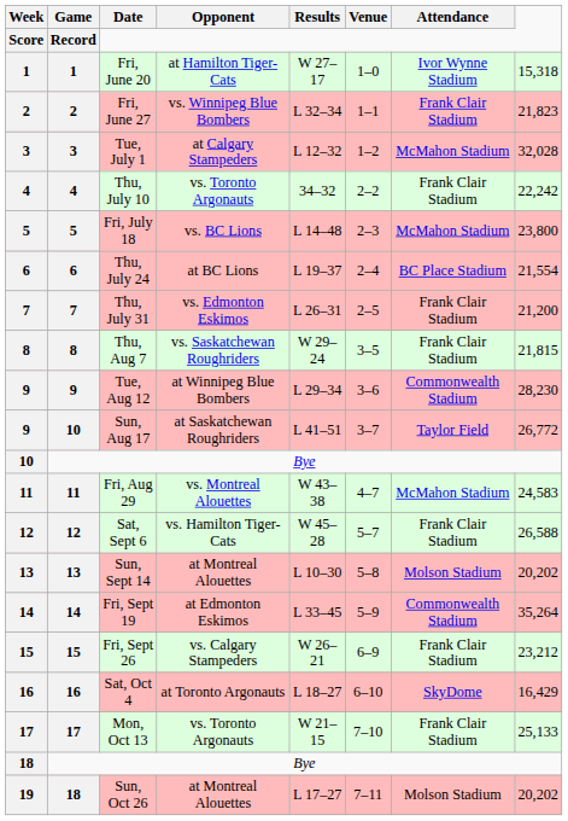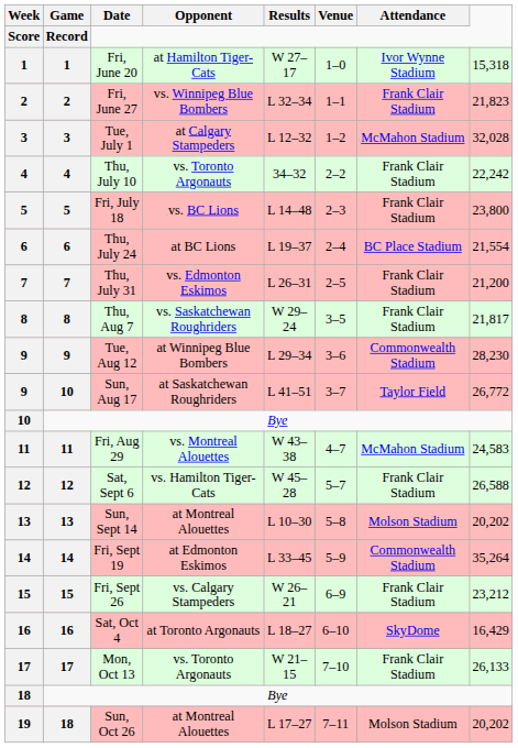 <table class="wikitable" style="text-align:center">
 <tr>
 <th>Week</th>
 <th>Game</th>
 <th>Date</th>
 <th>Opponent</th>
 <th>Results</th>
 <th>Venue</th>
 <th>Attendance</th>
 </tr>
 <tr>
 <th>Score</th>
 <th>Record</th>
 </tr>
 <tr style="background:#ddffdd">
 <th>1</th>
 <th>1</th>
 <td>Fri, June 20</td>
 <td>at <a href='#'>Hamilton Tiger-Cats</a></td>
 <td>W 27–17</td>
 <td>1–0</td>
 <td><a href='#'>Ivor Wynne Stadium</a></td>
 <td>15,318</td>
 </tr>
 <tr style="background:#ffbbbb">
 <th>2</th>
 <th>2</th>
 <td>Fri, June 27</td>
 <td>vs. <a href='#'>Winnipeg Blue Bombers</a></td>
 <td>L 32–34</td>
 <td>1–1</td>
 <td><a href='#'>Frank Clair Stadium</a></td>
 <td>21,823</td>
 </tr>
 <tr style="background:#ffbbbb">
 <th>3</th>
 <th>3</th>
 <td>Tue, July 1</td>
 <td>at <a href='#'>Calgary Stampeders</a></td>
 <td>L 12–32</td>
 <td>1–2</td>
 <td><a href='#'>McMahon Stadium</a></td>
 <td>32,028</td>
 </tr>
 <tr style="background:#ddffdd">
 <th>4</th>
 <th>4</th>
 <td>Thu, July 10</td>
 <td>vs. <a href='#'>Toronto Argonauts</a></td>
 <td>34–32</td>
 <td>2–2</td>
 <td>Frank Clair Stadium</td>
 <td>22,242</td>
 </tr>
 <tr align="center" bgcolor="#ffbbbb">
 <th>5</th>
 <th>5</th>
 <td>Fri, July 18</td>
 <td>vs. <a href='#'>BC Lions</a></td>
 <td>L 14–48</td>
 <td>2–3</td>
-<td><a href='#'>McMahon Stadium</a></td>
+<td>Frank Clair Stadium</td>
 <td>23,800</td>
 </tr>
 <tr style="background:#ffbbbb">
 <th>6</th>
 <th>6</th>
 <td>Thu, July 24</td>
 <td>at BC Lions</td>
 <td>L 19–37</td>
 <td>2–4</td>
 <td><a href='#'>BC Place Stadium</a></td>
 <td>21,554</td>
 </tr>
 <tr style="background:#ffbbbb">
 <th>7</th>
 <th>7</th>
 <td>Thu, July 31</td>
 <td>vs. <a href='#'>Edmonton Eskimos</a></td>
 <td>L 26–31</td>
 <td>2–5</td>
 <td>Frank Clair Stadium</td>
 <td>21,200</td>
 </tr>
 <tr style="background:#ddffdd">
 <th>8</th>
 <th>8</th>
 <td>Thu, Aug 7</td>
 <td>vs. <a href='#'>Saskatchewan Roughriders</a></td>
 <td>W 29–24</td>
 <td>3–5</td>
 <td>Frank Clair Stadium</td>
-<td>21,815</td>
+<td>21,817</td>
 </tr>
 <tr style="background:#ffbbbb">
 <th>9</th>
 <th>9</th>
 <td>Tue, Aug 12</td>
 <td>at Winnipeg Blue Bombers</td>
 <td>L 29–34</td>
 <td>3–6</td>
 <td><a href='#'>Commonwealth Stadium</a></td>
 <td>28,230</td>
 </tr>
 <tr style="background:#ffbbbb">
 <th>9</th>
 <th>10</th>
 <td>Sun, Aug 17</td>
 <td>at Saskatchewan Roughriders</td>
 <td>L 41–51</td>
 <td>3–7</td>
 <td><a href='#'>Taylor Field</a></td>
 <td>26,772</td>
 </tr>
 <tr>
 <th>10</th>
 <td colspan=7><em><a href='#'>Bye</a></em></td>
 </tr>
 <tr style="background:#ddffdd">
 <th>11</th>
 <th>11</th>
 <td>Fri, Aug 29</td>
 <td>vs. <a href='#'>Montreal Alouettes</a></td>
 <td>W 43–38</td>
 <td>4–7</td>
 <td><a href='#'>McMahon Stadium</a></td>
 <td>24,583</td>
 </tr>
 <tr style="background:#ddffdd">
 <th>12</th>
 <th>12</th>
 <td>Sat, Sept 6</td>
 <td>vs. Hamilton Tiger-Cats</td>
 <td>W 45–28</td>
 <td>5–7</td>
 <td>Frank Clair Stadium</td>
 <td>26,588</td>
 </tr>
 <tr style="background:#ffbbbb">
 <th>13</th>
 <th>13</th>
 <td>Sun, Sept 14</td>
 <td>at Montreal Alouettes</td>
 <td>L 10–30</td>
 <td>5–8</td>
 <td><a href='#'>Molson Stadium</a></td>
 <td>20,202</td>
 </tr>
 <tr style="background:#ffbbbb">
 <th>14</th>
 <th>14</th>
 <td>Fri, Sept 19</td>
 <td>at Edmonton Eskimos</td>
 <td>L 33–45</td>
 <td>5–9</td>
 <td><a href='#'>Commonwealth Stadium</a></td>
 <td>35,264</td>
 </tr>
 <tr style="background:#ddffdd">
 <th>15</th>
 <th>15</th>
 <td>Fri, Sept 26</td>
 <td>vs. Calgary Stampeders</td>
 <td>W 26–21</td>
 <td>6–9</td>
 <td>Frank Clair Stadium</td>
 <td>23,212</td>
 </tr>
 <tr style="background:#ffbbbb">
 <th>16</th>
 <th>16</th>
 <td>Sat, Oct 4</td>
 <td>at Toronto Argonauts</td>
 <td>L 18–27</td>
 <td>6–10</td>
 <td><a href='#'>SkyDome</a></td>
 <td>16,429</td>
 </tr>
 <tr style="background:#ddffdd">
 <th>17</th>
 <th>17</th>
 <td>Mon, Oct 13</td>
 <td>vs. Toronto Argonauts</td>
 <td>W 21–15</td>
 <td>7–10</td>
 <td>Frank Clair Stadium</td>
-<td>25,133</td>
+<td>26,133</td>
 </tr>
 <tr>
 <th>18</th>
 <td colspan=7 align="center"><em>Bye</em></td>
 </tr>
 <tr style="background:#ffbbbb">
 <th>19</th>
 <th>18</th>
 <td>Sun, Oct 26</td>
 <td>at Montreal Alouettes</td>
 <td>L 17–27</td>
 <td>7–11</td>
 <td>Molson Stadium</td>
 <td>20,202</td>
 </tr>
 </table>
